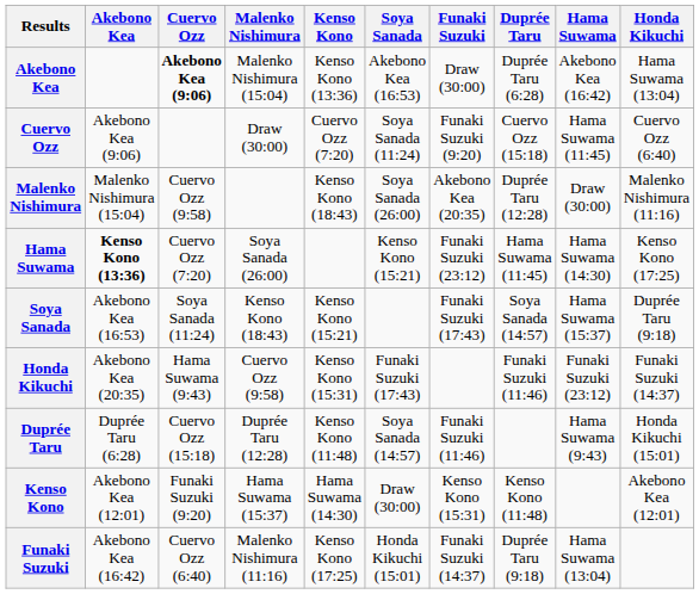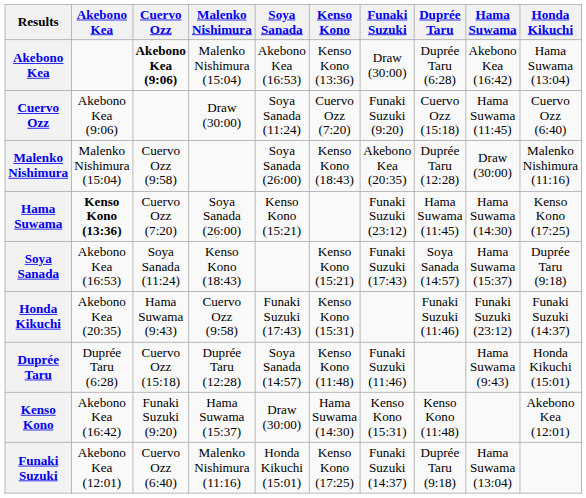 <table class="wikitable" style="text-align:center; margin: 1em auto 1em auto">
 <tr>
 <th>Results</th>
 <th><a href='#'>Akebono</a><br><a href='#'>Kea</a></th>
 <th><a href='#'>Cuervo</a><br><a href='#'>Ozz</a></th>
 <th><a href='#'>Malenko</a><br><a href='#'>Nishimura</a></th>
+<th><a href='#'>Soya</a><br><a href='#'>Sanada</a></th>
 <th><a href='#'>Kenso</a><br><a href='#'>Kono</a></th>
-<th><a href='#'>Soya</a><br><a href='#'>Sanada</a></th>
 <th><a href='#'>Funaki</a><br><a href='#'>Suzuki</a></th>
 <th><a href='#'>Duprée</a><br><a href='#'>Taru</a></th>
 <th><a href='#'>Hama</a><br><a href='#'>Suwama</a></th>
 <th><a href='#'>Honda</a><br><a href='#'>Kikuchi</a></th>
 </tr>
 <tr>
 <th><a href='#'>Akebono</a><br><a href='#'>Kea</a></th>
 <td></td>
 <td><strong>Akebono<br>Kea<br>(9:06)</strong></td>
 <td>Malenko<br>Nishimura<br>(15:04)</td>
+<td>Akebono<br>Kea<br>(16:53)</td>
 <td>Kenso<br>Kono<br>(13:36)</td>
-<td>Akebono<br>Kea<br>(16:53)</td>
 <td>Draw<br>(30:00)</td>
 <td>Duprée<br>Taru<br>(6:28)</td>
 <td>Akebono<br>Kea<br>(16:42)</td>
 <td>Hama<br>Suwama<br>(13:04)</td>
 </tr>
 <tr>
 <th><a href='#'>Cuervo</a><br><a href='#'>Ozz</a></th>
 <td>Akebono<br>Kea<br>(9:06)</td>
 <td></td>
 <td>Draw<br>(30:00)</td>
+<td>Soya<br>Sanada<br>(11:24)</td>
 <td>Cuervo<br>Ozz<br>(7:20)</td>
-<td>Soya<br>Sanada<br>(11:24)</td>
 <td>Funaki<br>Suzuki<br>(9:20)</td>
 <td>Cuervo<br>Ozz<br>(15:18)</td>
 <td>Hama<br>Suwama<br>(11:45)</td>
 <td>Cuervo<br>Ozz<br>(6:40)</td>
 </tr>
 <tr>
 <th><a href='#'>Malenko</a><br><a href='#'>Nishimura</a></th>
 <td>Malenko<br>Nishimura<br>(15:04)</td>
 <td>Cuervo<br>Ozz<br>(9:58)</td>
 <td></td>
+<td>Soya<br>Sanada<br>(26:00)</td>
 <td>Kenso<br>Kono<br>(18:43)</td>
-<td>Soya<br>Sanada<br>(26:00)</td>
 <td>Akebono<br>Kea<br>(20:35)</td>
 <td>Duprée<br>Taru<br>(12:28)</td>
 <td>Draw<br>(30:00)</td>
 <td>Malenko<br>Nishimura<br>(11:16)</td>
 </tr>
 <tr>
 <th><a href='#'>Hama</a><br><a href='#'>Suwama</a></th>
 <td><strong>Kenso<br>Kono<br>(13:36)</strong></td>
 <td>Cuervo<br>Ozz<br>(7:20)</td>
 <td>Soya<br>Sanada<br>(26:00)</td>
+<td>Kenso<br>Kono<br>(15:21)</td>
 <td></td>
-<td>Kenso<br>Kono<br>(15:21)</td>
 <td>Funaki<br>Suzuki<br>(23:12)</td>
 <td>Hama<br>Suwama<br>(11:45)</td>
 <td>Hama<br>Suwama<br>(14:30)</td>
 <td>Kenso<br>Kono<br>(17:25)</td>
 </tr>
 <tr>
 <th><a href='#'>Soya</a><br><a href='#'>Sanada</a></th>
 <td>Akebono<br>Kea<br>(16:53)</td>
 <td>Soya<br>Sanada<br>(11:24)</td>
 <td>Kenso<br>Kono<br>(18:43)</td>
+<td></td>
 <td>Kenso<br>Kono<br>(15:21)</td>
-<td></td>
 <td>Funaki<br>Suzuki<br>(17:43)</td>
 <td>Soya<br>Sanada<br>(14:57)</td>
 <td>Hama<br>Suwama<br>(15:37)</td>
 <td>Duprée<br>Taru<br>(9:18)</td>
 </tr>
 <tr>
 <th><a href='#'>Honda</a><br><a href='#'>Kikuchi</a></th>
 <td>Akebono<br>Kea<br>(20:35)</td>
 <td>Hama<br>Suwama<br>(9:43)</td>
 <td>Cuervo<br>Ozz<br>(9:58)</td>
+<td>Funaki<br>Suzuki<br>(17:43)</td>
 <td>Kenso<br>Kono<br>(15:31)</td>
-<td>Funaki<br>Suzuki<br>(17:43)</td>
 <td></td>
 <td>Funaki<br>Suzuki<br>(11:46)</td>
 <td>Funaki<br>Suzuki<br>(23:12)</td>
 <td>Funaki<br>Suzuki<br>(14:37)</td>
 </tr>
 <tr>
 <th><a href='#'>Duprée</a><br><a href='#'>Taru</a></th>
 <td>Duprée<br>Taru<br>(6:28)</td>
 <td>Cuervo<br>Ozz<br>(15:18)</td>
 <td>Duprée<br>Taru<br>(12:28)</td>
+<td>Soya<br>Sanada<br>(14:57)</td>
 <td>Kenso<br>Kono<br>(11:48)</td>
-<td>Soya<br>Sanada<br>(14:57)</td>
 <td>Funaki<br>Suzuki<br>(11:46)</td>
 <td></td>
 <td>Hama<br>Suwama<br>(9:43)</td>
 <td>Honda<br>Kikuchi<br>(15:01)</td>
 </tr>
 <tr>
 <th><a href='#'>Kenso</a><br><a href='#'>Kono</a></th>
-<td>Akebono<br>Kea<br>(12:01)</td>
+<td>Akebono<br>Kea<br>(16:42)</td>
 <td>Funaki<br>Suzuki<br>(9:20)</td>
 <td>Hama<br>Suwama<br>(15:37)</td>
+<td>Draw<br>(30:00)</td>
 <td>Hama<br>Suwama<br>(14:30)</td>
-<td>Draw<br>(30:00)</td>
 <td>Kenso<br>Kono<br>(15:31)</td>
 <td>Kenso<br>Kono<br>(11:48)</td>
 <td></td>
 <td>Akebono<br>Kea<br>(12:01)</td>
 </tr>
 <tr>
 <th><a href='#'>Funaki</a><br><a href='#'>Suzuki</a></th>
-<td>Akebono<br>Kea<br>(16:42)</td>
+<td>Akebono<br>Kea<br>(12:01)</td>
 <td>Cuervo<br>Ozz<br>(6:40)</td>
 <td>Malenko<br>Nishimura<br>(11:16)</td>
+<td>Honda<br>Kikuchi<br>(15:01)</td>
 <td>Kenso<br>Kono<br>(17:25)</td>
-<td>Honda<br>Kikuchi<br>(15:01)</td>
 <td>Funaki<br>Suzuki<br>(14:37)</td>
 <td>Duprée<br>Taru<br>(9:18)</td>
 <td>Hama<br>Suwama<br>(13:04)</td>
 <td></td>
 </tr>
 </table>
